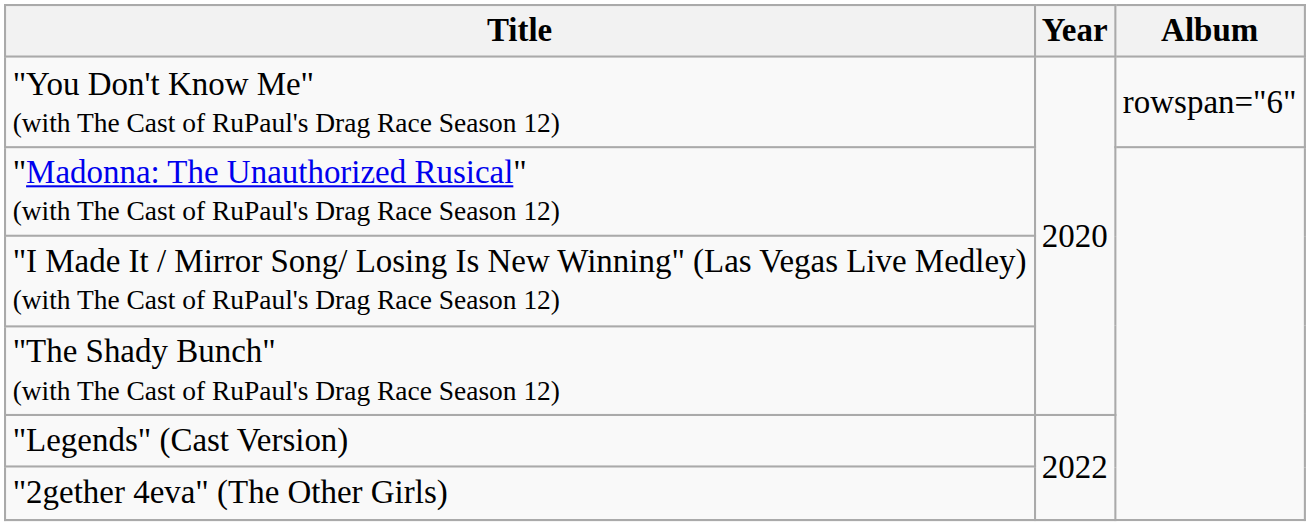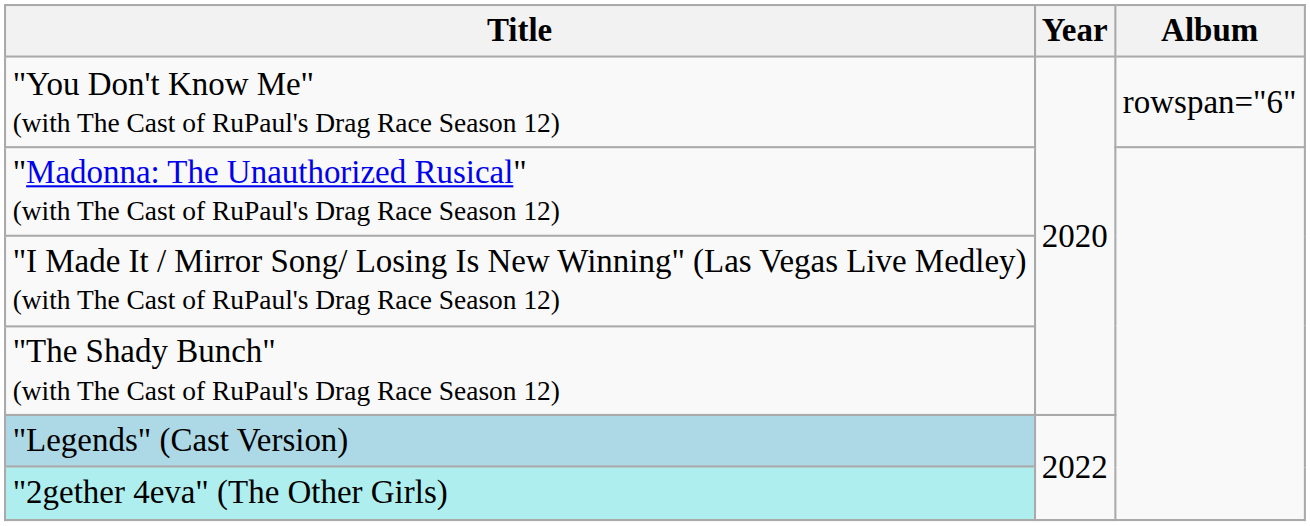 <table class="wikitable">
 <tr>
 <th>Title</th>
 <th>Year</th>
 <th>Album</th>
 </tr>
 <tr>
 <td scope="row">"You Don't Know Me"<br><small>(with The Cast of RuPaul's Drag Race Season 12)</small></td>
 <td rowspan="4">2020</td>
 <td>rowspan="6" </td>
 </tr>
 <tr>
 <td scope="row">"<a href='#'>Madonna: The Unauthorized Rusical</a>"<br><small>(with The Cast of RuPaul's Drag Race Season 12)</small></td>
 </tr>
 <tr>
 <td>"I Made It / Mirror Song/ Losing Is New Winning" (Las Vegas Live Medley)<br><small>(with The Cast of RuPaul's Drag Race Season 12)</small></td>
 </tr>
 <tr>
 <td>"The Shady Bunch"<br><small>(with The Cast of RuPaul's Drag Race Season 12)</small></td>
 </tr>
 <tr>
-<td scope="row">"Legends" (Cast Version)<br></td>
+<td scope="row" style="background: lightblue;">"Legends" (Cast Version)<br></td>
 <td rowspan="2">2022</td>
 </tr>
 <tr>
-<td>"2gether 4eva" (The Other Girls)<br></td>
+<td style="background: paleturquoise;">"2gether 4eva" (The Other Girls)<br></td>
 </tr>
 <tr>
 </tr>
 </table>
